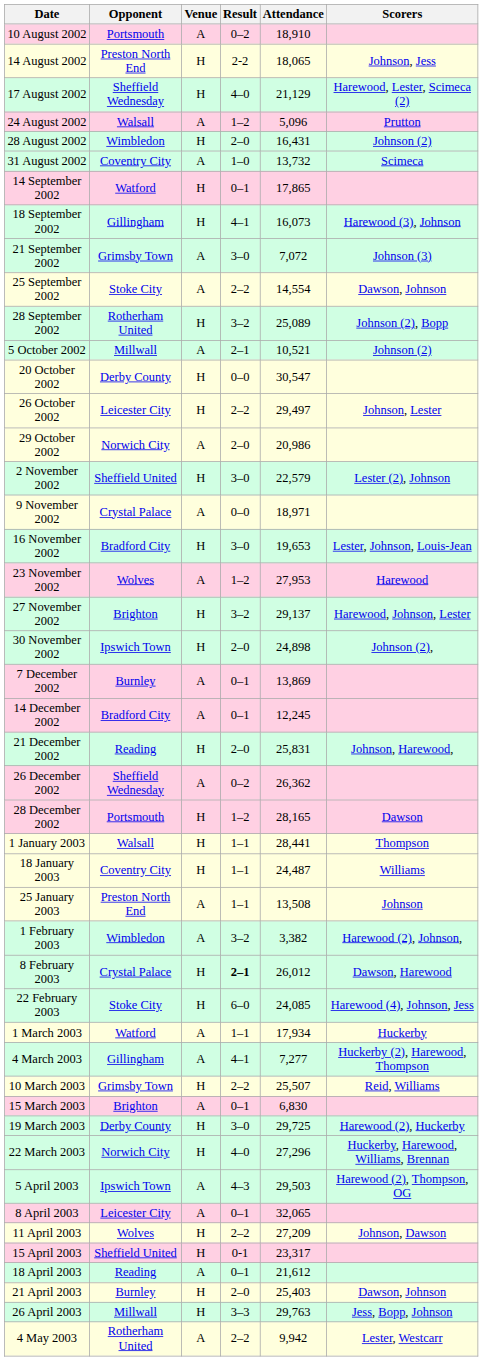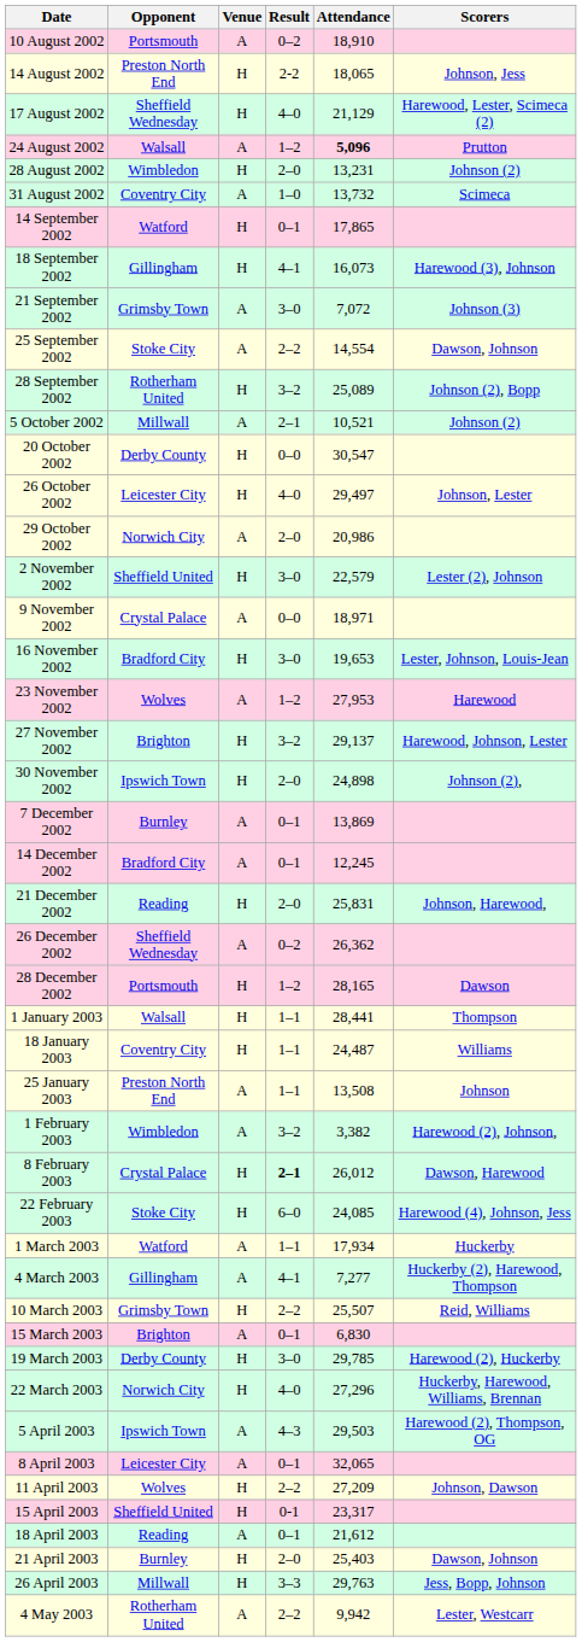 <table class="wikitable sortable" style="font-size:100%; text-align:center">
 <tr>
 <th>Date</th>
 <th>Opponent</th>
 <th>Venue</th>
 <th>Result</th>
 <th>Attendance</th>
 <th>Scorers</th>
 </tr>
 <tr style="background-color: #ffd0e3">
 <td>10 August 2002</td>
 <td><a href='#'>Portsmouth</a></td>
 <td>A</td>
 <td>0–2</td>
 <td>18,910</td>
 <td></td>
 </tr>
 <tr style="background-color: #ffffdd;">
 <td>14 August 2002</td>
 <td><a href='#'>Preston North End</a></td>
 <td>H</td>
 <td>2-2</td>
 <td>18,065</td>
 <td><a href='#'>Johnson</a>, <a href='#'>Jess</a></td>
 </tr>
 <tr style="background-color: #d0ffe3;">
 <td>17 August 2002</td>
 <td><a href='#'>Sheffield Wednesday</a></td>
 <td>H</td>
 <td>4–0</td>
 <td>21,129</td>
 <td><a href='#'>Harewood</a>, <a href='#'>Lester</a>, <a href='#'>Scimeca (2)</a></td>
 </tr>
 <tr style="background-color: #ffd0e3">
 <td>24 August 2002</td>
 <td><a href='#'>Walsall</a></td>
 <td>A</td>
 <td>1–2</td>
-<td>5,096</td>
+<td><strong>5,096</strong></td>
 <td><a href='#'>Prutton</a></td>
 </tr>
 <tr style="background-color: #d0ffe3;">
 <td>28 August 2002</td>
 <td><a href='#'>Wimbledon</a></td>
 <td>H</td>
 <td>2–0</td>
-<td>16,431</td>
+<td>13,231</td>
 <td><a href='#'>Johnson (2)</a></td>
 </tr>
 <tr style="background-color: #d0ffe3;">
 <td>31 August 2002</td>
 <td><a href='#'>Coventry City</a></td>
 <td>A</td>
 <td>1–0</td>
 <td>13,732</td>
 <td><a href='#'>Scimeca</a></td>
 </tr>
 <tr style="background-color: #ffd0e3">
 <td>14 September 2002</td>
 <td><a href='#'>Watford</a></td>
 <td>H</td>
 <td>0–1</td>
 <td>17,865</td>
 <td></td>
 </tr>
 <tr style="background-color: #d0ffe3;">
 <td>18 September 2002</td>
 <td><a href='#'>Gillingham</a></td>
 <td>H</td>
 <td>4–1</td>
 <td>16,073</td>
 <td><a href='#'>Harewood (3)</a>, <a href='#'>Johnson</a></td>
 </tr>
 <tr style="background-color: #d0ffe3;">
 <td>21 September 2002</td>
 <td><a href='#'>Grimsby Town</a></td>
 <td>A</td>
 <td>3–0</td>
 <td>7,072</td>
 <td><a href='#'>Johnson (3)</a></td>
 </tr>
 <tr style="background-color: #ffffdd;">
 <td>25 September 2002</td>
 <td><a href='#'>Stoke City</a></td>
 <td>A</td>
 <td>2–2</td>
 <td>14,554</td>
 <td><a href='#'>Dawson</a>, <a href='#'>Johnson</a></td>
 </tr>
 <tr style="background-color: #d0ffe3;">
 <td>28 September 2002</td>
 <td><a href='#'>Rotherham United</a></td>
 <td>H</td>
 <td>3–2</td>
 <td>25,089</td>
 <td><a href='#'>Johnson (2)</a>, <a href='#'>Bopp</a></td>
 </tr>
 <tr style="background-color: #d0ffe3;">
 <td>5 October 2002</td>
 <td><a href='#'>Millwall</a></td>
 <td>A</td>
 <td>2–1</td>
 <td>10,521</td>
 <td><a href='#'>Johnson (2)</a></td>
 </tr>
 <tr style="background-color: #ffffdd;">
 <td>20 October 2002</td>
 <td><a href='#'>Derby County</a></td>
 <td>H</td>
 <td>0–0</td>
 <td>30,547</td>
 <td></td>
 </tr>
 <tr style="background-color: #ffffdd;">
 <td>26 October 2002</td>
 <td><a href='#'>Leicester City</a></td>
 <td>H</td>
-<td>2–2</td>
+<td>4–0</td>
 <td>29,497</td>
 <td><a href='#'>Johnson</a>, <a href='#'>Lester</a></td>
 </tr>
 <tr style="background-color: #ffffdd;">
 <td>29 October 2002</td>
 <td><a href='#'>Norwich City</a></td>
 <td>A</td>
 <td>2–0</td>
 <td>20,986</td>
 <td></td>
 </tr>
 <tr style="background-color: #d0ffe3;">
 <td>2 November 2002</td>
 <td><a href='#'>Sheffield United</a></td>
 <td>H</td>
 <td>3–0</td>
 <td>22,579</td>
 <td><a href='#'>Lester (2)</a>, <a href='#'>Johnson</a></td>
 </tr>
 <tr style="background-color: #ffffdd;">
 <td>9 November 2002</td>
 <td><a href='#'>Crystal Palace</a></td>
 <td>A</td>
 <td>0–0</td>
 <td>18,971</td>
 <td></td>
 </tr>
 <tr style="background-color: #d0ffe3;">
 <td>16 November 2002</td>
 <td><a href='#'>Bradford City</a></td>
 <td>H</td>
 <td>3–0</td>
 <td>19,653</td>
 <td><a href='#'>Lester</a>, <a href='#'>Johnson</a>, <a href='#'>Louis-Jean</a></td>
 </tr>
 <tr style="background-color: #ffd0e3;">
 <td>23 November 2002</td>
 <td><a href='#'>Wolves</a></td>
 <td>A</td>
 <td>1–2</td>
 <td>27,953</td>
 <td><a href='#'>Harewood</a></td>
 </tr>
 <tr style="background-color: #d0ffe3;">
 <td>27 November 2002</td>
 <td><a href='#'>Brighton</a></td>
 <td>H</td>
 <td>3–2</td>
 <td>29,137</td>
 <td><a href='#'>Harewood</a>, <a href='#'>Johnson</a>, <a href='#'>Lester</a></td>
 </tr>
 <tr style="background-color: #d0ffe3;">
 <td>30 November 2002</td>
 <td><a href='#'>Ipswich Town</a></td>
 <td>H</td>
 <td>2–0</td>
 <td>24,898</td>
 <td><a href='#'>Johnson (2)</a>,</td>
 </tr>
 <tr style="background-color: #ffd0e3;">
 <td>7 December 2002</td>
 <td><a href='#'>Burnley</a></td>
 <td>A</td>
 <td>0–1</td>
 <td>13,869</td>
 <td></td>
 </tr>
 <tr style="background-color: #ffd0e3;">
 <td>14 December 2002</td>
 <td><a href='#'>Bradford City</a></td>
 <td>A</td>
 <td>0–1</td>
 <td>12,245</td>
 <td></td>
 </tr>
 <tr style="background-color: #d0ffe3;">
 <td>21 December 2002</td>
 <td><a href='#'>Reading</a></td>
 <td>H</td>
 <td>2–0</td>
 <td>25,831</td>
 <td><a href='#'>Johnson</a>, <a href='#'>Harewood</a>,</td>
 </tr>
 <tr style="background-color: #ffd0e3;">
 <td>26 December 2002</td>
 <td><a href='#'>Sheffield Wednesday</a></td>
 <td>A</td>
 <td>0–2</td>
 <td>26,362</td>
 <td></td>
 </tr>
 <tr style="background-color: #ffd0e3;">
 <td>28 December 2002</td>
 <td><a href='#'>Portsmouth</a></td>
 <td>H</td>
 <td>1–2</td>
 <td>28,165</td>
 <td><a href='#'>Dawson</a></td>
 </tr>
 <tr style="background-color: #ffffdd;">
 <td>1 January 2003</td>
 <td><a href='#'>Walsall</a></td>
 <td>H</td>
 <td>1–1</td>
 <td>28,441</td>
 <td><a href='#'>Thompson</a></td>
 </tr>
 <tr style="background-color: #ffffdd;">
 <td>18 January 2003</td>
 <td><a href='#'>Coventry City</a></td>
 <td>H</td>
 <td>1–1</td>
 <td>24,487</td>
 <td><a href='#'>Williams</a></td>
 </tr>
 <tr style="background-color: #ffffdd;">
 <td>25 January 2003</td>
 <td><a href='#'>Preston North End</a></td>
 <td>A</td>
 <td>1–1</td>
 <td>13,508</td>
 <td><a href='#'>Johnson</a></td>
 </tr>
 <tr style="background-color: #d0ffe3;">
 <td>1 February 2003</td>
 <td><a href='#'>Wimbledon</a></td>
 <td>A</td>
 <td>3–2</td>
 <td>3,382</td>
 <td><a href='#'>Harewood (2)</a>, <a href='#'>Johnson</a>,</td>
 </tr>
 <tr style="background-color: #d0ffe3;">
 <td>8 February 2003</td>
 <td><a href='#'>Crystal Palace</a></td>
 <td>H</td>
 <td><strong>2–1</strong></td>
 <td>26,012</td>
 <td><a href='#'>Dawson</a>, <a href='#'>Harewood</a></td>
 </tr>
 <tr style="background-color: #d0ffe3;">
 <td>22 February 2003</td>
 <td><a href='#'>Stoke City</a></td>
 <td>H</td>
 <td>6–0</td>
 <td>24,085</td>
 <td><a href='#'>Harewood (4)</a>, <a href='#'>Johnson</a>, <a href='#'>Jess</a></td>
 </tr>
 <tr style="background-color: #ffffdd;">
 <td>1 March 2003</td>
 <td><a href='#'>Watford</a></td>
 <td>A</td>
 <td>1–1</td>
 <td>17,934</td>
 <td><a href='#'>Huckerby</a></td>
 </tr>
 <tr style="background-color: #d0ffe3;">
 <td>4 March 2003</td>
 <td><a href='#'>Gillingham</a></td>
 <td>A</td>
 <td>4–1</td>
 <td>7,277</td>
 <td><a href='#'>Huckerby (2)</a>, <a href='#'>Harewood</a>, <a href='#'>Thompson</a></td>
 </tr>
 <tr style="background-color: #ffffdd;">
 <td>10 March 2003</td>
 <td><a href='#'>Grimsby Town</a></td>
 <td>H</td>
 <td>2–2</td>
 <td>25,507</td>
 <td><a href='#'>Reid</a>, <a href='#'>Williams</a></td>
 </tr>
 <tr style="background-color: #ffd0e3;">
 <td>15 March 2003</td>
 <td><a href='#'>Brighton</a></td>
 <td>A</td>
 <td>0–1</td>
 <td>6,830</td>
 <td></td>
 </tr>
 <tr style="background-color: #d0ffe3;">
 <td>19 March 2003</td>
 <td><a href='#'>Derby County</a></td>
 <td>H</td>
 <td>3–0</td>
-<td>29,725</td>
+<td>29,785</td>
 <td><a href='#'>Harewood (2)</a>, <a href='#'>Huckerby</a></td>
 </tr>
 <tr style="background-color: #d0ffe3;">
 <td>22 March 2003</td>
 <td><a href='#'>Norwich City</a></td>
 <td>H</td>
 <td>4–0</td>
 <td>27,296</td>
 <td><a href='#'>Huckerby</a>, <a href='#'>Harewood</a>, <a href='#'>Williams</a>, <a href='#'>Brennan</a></td>
 </tr>
 <tr style="background-color: #d0ffe3;">
 <td>5 April 2003</td>
 <td><a href='#'>Ipswich Town</a></td>
 <td>A</td>
 <td>4–3</td>
 <td>29,503</td>
 <td><a href='#'>Harewood (2)</a>, <a href='#'>Thompson</a>, <a href='#'>OG</a></td>
 </tr>
 <tr style="background-color: #ffd0e3;">
 <td>8 April 2003</td>
 <td><a href='#'>Leicester City</a></td>
 <td>A</td>
 <td>0–1</td>
 <td>32,065</td>
 <td></td>
 </tr>
 <tr style="background-color: #ffffdd;">
 <td>11 April 2003</td>
 <td><a href='#'>Wolves</a></td>
 <td>H</td>
 <td>2–2</td>
 <td>27,209</td>
 <td><a href='#'>Johnson</a>, <a href='#'>Dawson</a></td>
 </tr>
 <tr style="background-color: #ffd0e3;">
 <td>15 April 2003</td>
 <td><a href='#'>Sheffield United</a></td>
 <td>H</td>
 <td>0-1</td>
 <td>23,317</td>
 <td></td>
 </tr>
 <tr style="background-color: #d0ffe3;">
 <td>18 April 2003</td>
 <td><a href='#'>Reading</a></td>
 <td>A</td>
 <td>0–1</td>
 <td>21,612</td>
 <td></td>
 </tr>
 <tr style="background-color: #ffffdd;">
 <td>21 April 2003</td>
 <td><a href='#'>Burnley</a></td>
 <td>H</td>
 <td>2–0</td>
 <td>25,403</td>
 <td><a href='#'>Dawson</a>, <a href='#'>Johnson</a></td>
 </tr>
 <tr style="background-color: #d0ffe3;">
 <td>26 April 2003</td>
 <td><a href='#'>Millwall</a></td>
 <td>H</td>
 <td>3–3</td>
 <td>29,763</td>
 <td><a href='#'>Jess</a>, <a href='#'>Bopp</a>, <a href='#'>Johnson</a></td>
 </tr>
 <tr style="background-color: #ffffdd;">
 <td>4 May 2003</td>
 <td><a href='#'>Rotherham United</a></td>
 <td>A</td>
 <td>2–2</td>
 <td>9,942</td>
 <td><a href='#'>Lester</a>, <a href='#'>Westcarr</a></td>
 </tr>
 </table>
